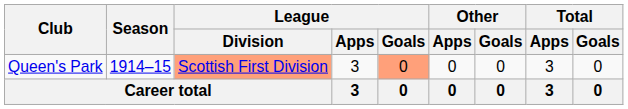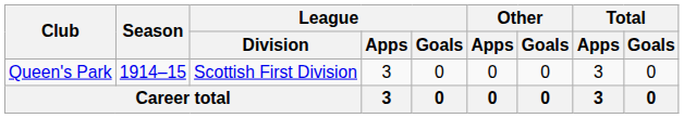 <table class="wikitable" style="text-align: center;">
 <tr>
 <th rowspan="2">Club</th>
 <th rowspan="2">Season</th>
 <th colspan="3">League</th>
 <th colspan="2">Other</th>
 <th colspan="2">Total</th>
 </tr>
 <tr>
 <th>Division</th>
 <th>Apps</th>
 <th>Goals</th>
 <th>Apps</th>
 <th>Goals</th>
 <th>Apps</th>
 <th>Goals</th>
 </tr>
 <tr>
 <td><a href='#'>Queen's Park</a></td>
 <td><a href='#'>1914–15</a></td>
-<td style="background: lightsalmon;"><a href='#'>Scottish First Division</a></td>
+<td><a href='#'>Scottish First Division</a></td>
 <td>3</td>
-<td style="background: lightsalmon;">0</td>
+<td>0</td>
 <td>0</td>
 <td>0</td>
 <td>3</td>
 <td>0</td>
 </tr>
 <tr>
 <th colspan="3">Career total</th>
 <th>3</th>
 <th>0</th>
 <th>0</th>
 <th>0</th>
 <th>3</th>
 <th>0</th>
 </tr>
 </table>
